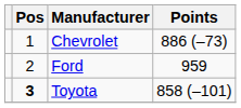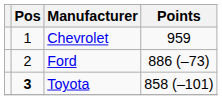 <table class="wikitable" style="font-size: 95%;">
 <tr>
 <th></th>
 <th>Pos</th>
 <th>Manufacturer</th>
 <th>Points</th>
 </tr>
 <tr>
 <td align="left"></td>
 <td style="text-align:center;">1</td>
 <td><a href='#'>Chevrolet</a></td>
-<td style="text-align:center;">886 (–73)</td>
+<td style="text-align:center;">959</td>
 </tr>
 <tr>
 <td align="left"></td>
 <td style="text-align:center;">2</td>
 <td><a href='#'>Ford</a></td>
-<td style="text-align:center;">959</td>
+<td style="text-align:center;">886 (–73)</td>
 </tr>
 <tr>
 <td align="left"></td>
 <td style="text-align:center;"><strong>3</strong></td>
 <td><a href='#'>Toyota</a></td>
 <td style="text-align:center;">858 (–101)</td>
 </tr>
 <tr class="sortbottom">
 </tr>
 </table>
